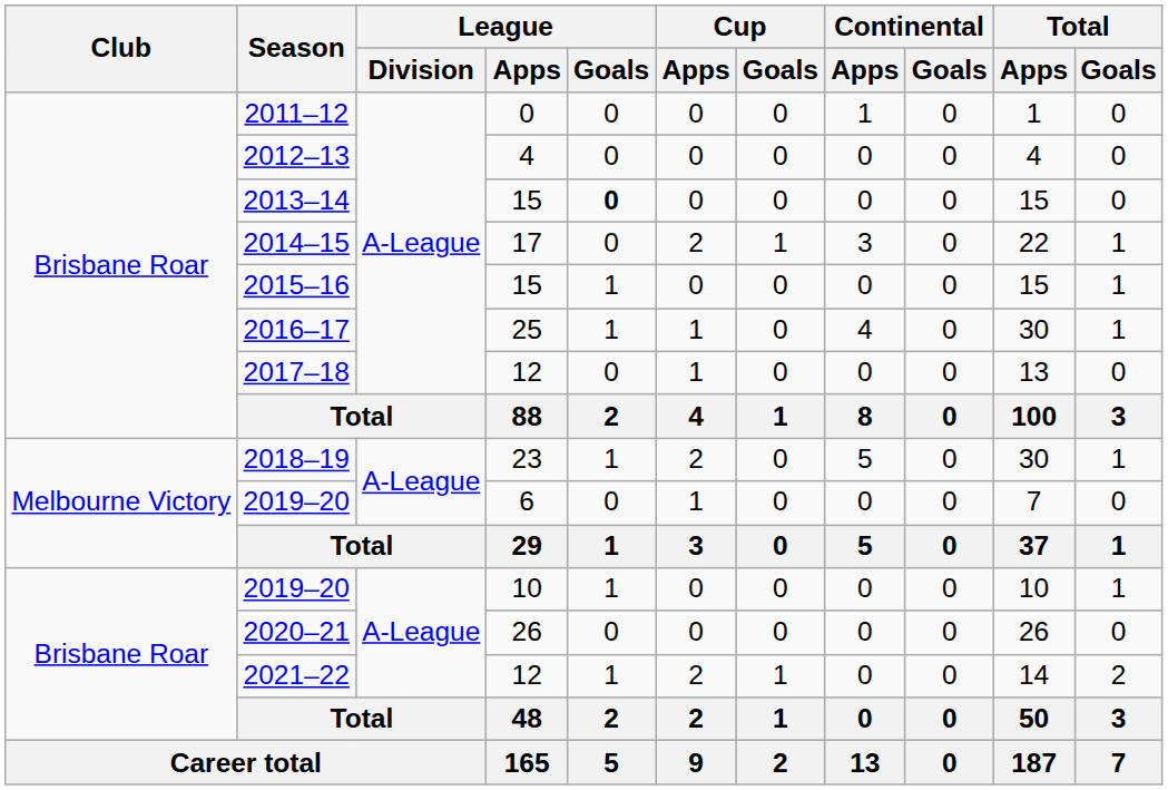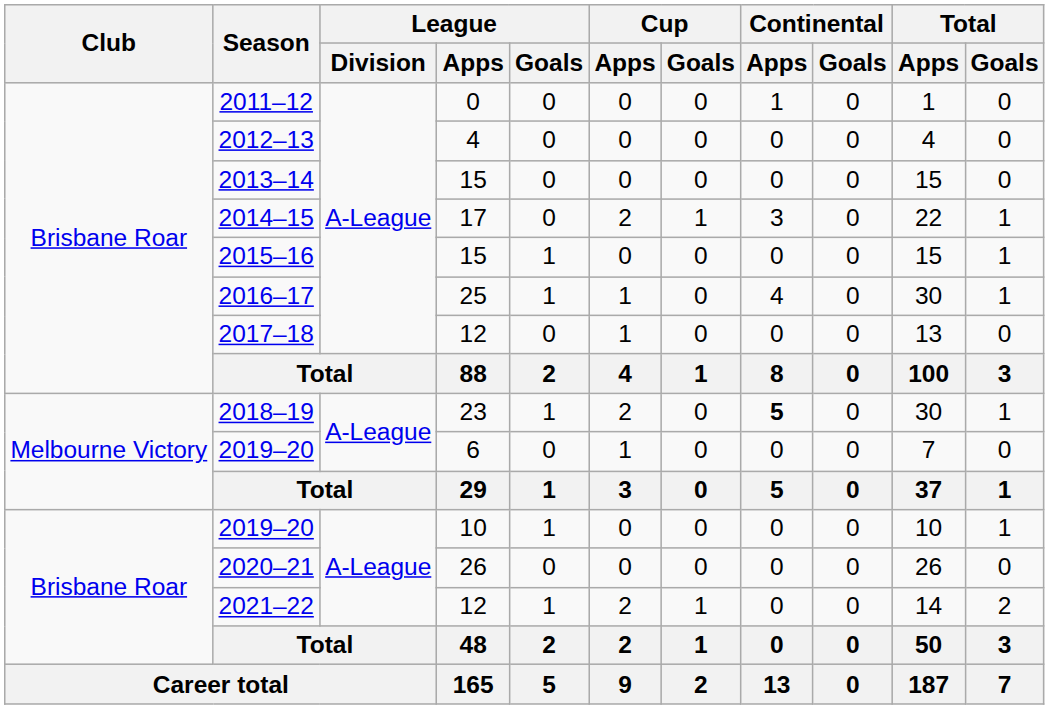 <table class="wikitable" style="text-align: center;">
 <tr>
 <th rowspan="2">Club</th>
 <th rowspan="2">Season</th>
 <th colspan="3">League</th>
 <th colspan="2">Cup</th>
 <th colspan="2">Continental</th>
 <th colspan="2">Total</th>
 </tr>
 <tr>
 <th>Division</th>
 <th>Apps</th>
 <th>Goals</th>
 <th>Apps</th>
 <th>Goals</th>
 <th>Apps</th>
 <th>Goals</th>
 <th>Apps</th>
 <th>Goals</th>
 </tr>
 <tr>
 <td rowspan="8" valign="center"><a href='#'>Brisbane Roar</a></td>
 <td><a href='#'>2011–12</a></td>
 <td rowspan="7"><a href='#'>A-League</a></td>
 <td>0</td>
 <td>0</td>
 <td>0</td>
 <td>0</td>
 <td>1</td>
 <td>0</td>
 <td>1</td>
 <td>0</td>
 </tr>
 <tr>
 <td><a href='#'>2012–13</a></td>
 <td>4</td>
 <td>0</td>
 <td>0</td>
 <td>0</td>
 <td>0</td>
 <td>0</td>
 <td>4</td>
 <td>0</td>
 </tr>
 <tr>
 <td><a href='#'>2013–14</a></td>
 <td>15</td>
-<td><strong>0</strong></td>
+<td>0</td>
 <td>0</td>
 <td>0</td>
 <td>0</td>
 <td>0</td>
 <td>15</td>
 <td>0</td>
 </tr>
 <tr>
 <td><a href='#'>2014–15</a></td>
 <td>17</td>
 <td>0</td>
 <td>2</td>
 <td>1</td>
 <td>3</td>
 <td>0</td>
 <td>22</td>
 <td>1</td>
 </tr>
 <tr>
 <td><a href='#'>2015–16</a></td>
 <td>15</td>
 <td>1</td>
 <td>0</td>
 <td>0</td>
 <td>0</td>
 <td>0</td>
 <td>15</td>
 <td>1</td>
 </tr>
 <tr>
 <td><a href='#'>2016–17</a></td>
 <td>25</td>
 <td>1</td>
 <td>1</td>
 <td>0</td>
 <td>4</td>
 <td>0</td>
 <td>30</td>
 <td>1</td>
 </tr>
 <tr>
 <td><a href='#'>2017–18</a></td>
 <td>12</td>
 <td>0</td>
 <td>1</td>
 <td>0</td>
 <td>0</td>
 <td>0</td>
 <td>13</td>
 <td>0</td>
 </tr>
 <tr>
 <th colspan=2>Total</th>
 <th>88</th>
 <th>2</th>
 <th>4</th>
 <th>1</th>
 <th>8</th>
 <th>0</th>
 <th>100</th>
 <th>3</th>
 </tr>
 <tr>
 <td rowspan="3" valign="center"><a href='#'>Melbourne Victory</a></td>
 <td><a href='#'>2018–19</a></td>
 <td rowspan=2><a href='#'>A-League</a></td>
 <td>23</td>
 <td>1</td>
 <td>2</td>
 <td>0</td>
-<td>5</td>
+<td><strong>5</strong></td>
 <td>0</td>
 <td>30</td>
 <td>1</td>
 </tr>
 <tr>
 <td><a href='#'>2019–20</a></td>
 <td>6</td>
 <td>0</td>
 <td>1</td>
 <td>0</td>
 <td>0</td>
 <td>0</td>
 <td>7</td>
 <td>0</td>
 </tr>
 <tr>
 <th colspan=2>Total</th>
 <th>29</th>
 <th>1</th>
 <th>3</th>
 <th>0</th>
 <th>5</th>
 <th>0</th>
 <th>37</th>
 <th>1</th>
 </tr>
 <tr>
 <td rowspan=4><a href='#'>Brisbane Roar</a></td>
 <td><a href='#'>2019–20</a></td>
 <td rowspan=3><a href='#'>A-League</a></td>
 <td>10</td>
 <td>1</td>
 <td>0</td>
 <td>0</td>
 <td>0</td>
 <td>0</td>
 <td>10</td>
 <td>1</td>
 </tr>
 <tr>
 <td><a href='#'>2020–21</a></td>
 <td>26</td>
 <td>0</td>
 <td>0</td>
 <td>0</td>
 <td>0</td>
 <td>0</td>
 <td>26</td>
 <td>0</td>
 </tr>
 <tr>
 <td><a href='#'>2021–22</a></td>
 <td>12</td>
 <td>1</td>
 <td>2</td>
 <td>1</td>
 <td>0</td>
 <td>0</td>
 <td>14</td>
 <td>2</td>
 </tr>
 <tr>
 <th colspan=2>Total</th>
 <th>48</th>
 <th>2</th>
 <th>2</th>
 <th>1</th>
 <th>0</th>
 <th>0</th>
 <th>50</th>
 <th>3</th>
 </tr>
 <tr>
 <th colspan=3>Career total</th>
 <th>165</th>
 <th>5</th>
 <th>9</th>
 <th>2</th>
 <th>13</th>
 <th>0</th>
 <th>187</th>
 <th>7</th>
 </tr>
 </table>
